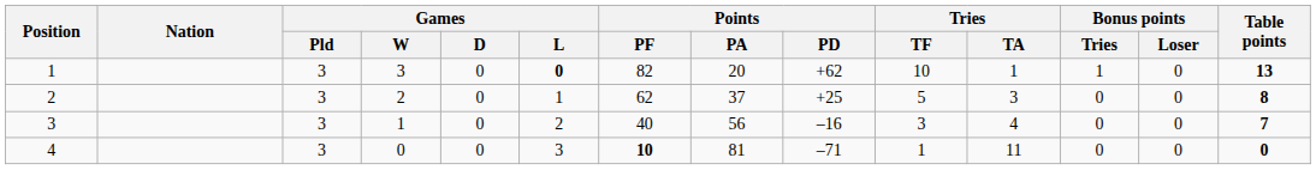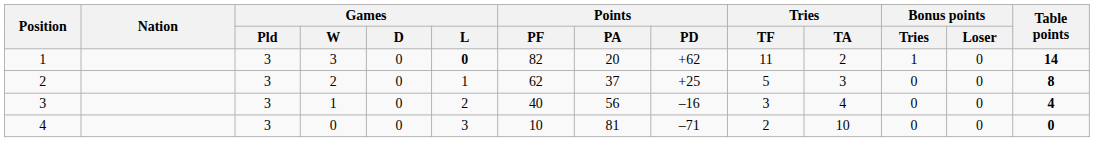 <table class="wikitable" style="text-align:center">
 <tr>
 <th rowspan="2" style="width:7%">Position</th>
 <th rowspan="2" style="width:14%">Nation</th>
 <th colspan="4" style="width:24%">Games</th>
 <th colspan="3" style="width:21%">Points</th>
 <th colspan="2" style="width:8%">Tries</th>
 <th colspan="2" style="width:18%">Bonus points</th>
 <th rowspan="2" style="width:7%">Table points</th>
 </tr>
 <tr>
 <th style="width:6%">Pld</th>
 <th style="width:6%">W</th>
 <th style="width:6%">D</th>
 <th style="width:6%">L</th>
 <th style="width:7%">PF</th>
 <th style="width:7%">PA</th>
 <th style="width:7%">PD</th>
 <th style="width:7%">TF</th>
 <th style="width:7%">TA</th>
 <th style="width:6%">Tries</th>
 <th style="width:6%">Loser</th>
 </tr>
 <tr>
 <td>1</td>
 <td align="left"></td>
 <td>3</td>
 <td>3</td>
 <td>0</td>
 <td><strong>0</strong></td>
 <td>82</td>
 <td>20</td>
 <td>+62</td>
-<td>10</td>
-<td>1</td>
+<td>11</td>
+<td>2</td>
 <td>1</td>
 <td>0</td>
-<td><strong>13</strong></td>
+<td><strong>14</strong></td>
 </tr>
 <tr>
 <td>2</td>
 <td align="left"></td>
 <td>3</td>
 <td>2</td>
 <td>0</td>
 <td>1</td>
 <td>62</td>
 <td>37</td>
 <td>+25</td>
 <td>5</td>
 <td>3</td>
 <td>0</td>
 <td>0</td>
 <td><strong>8</strong></td>
 </tr>
 <tr>
 <td>3</td>
 <td align="left"></td>
 <td>3</td>
 <td>1</td>
 <td>0</td>
 <td>2</td>
 <td>40</td>
 <td>56</td>
 <td>–16</td>
 <td>3</td>
 <td>4</td>
 <td>0</td>
 <td>0</td>
-<td><strong>7</strong></td>
+<td><strong>4</strong></td>
 </tr>
 <tr>
 <td>4</td>
 <td align="left"></td>
 <td>3</td>
 <td>0</td>
 <td>0</td>
 <td>3</td>
-<td><strong>10</strong></td>
+<td>10</td>
 <td>81</td>
 <td>–71</td>
-<td>1</td>
-<td>11</td>
+<td>2</td>
+<td>10</td>
 <td>0</td>
 <td>0</td>
 <td><strong>0</strong></td>
 </tr>
 </table>
